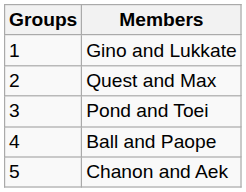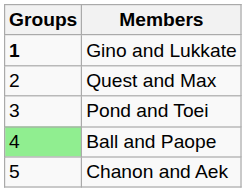 <table class="wikitable">
 <tr>
 <th>Groups</th>
 <th>Members</th>
 </tr>
 <tr>
-<td>1</td>
+<td><strong>1</strong></td>
 <td>Gino and Lukkate</td>
 </tr>
 <tr>
 <td>2</td>
 <td>Quest and Max</td>
 </tr>
 <tr>
 <td>3</td>
 <td>Pond and Toei</td>
 </tr>
 <tr>
-<td>4</td>
+<td style="background: lightgreen;">4</td>
 <td>Ball and Paope</td>
 </tr>
 <tr>
 <td>5</td>
 <td>Chanon and Aek</td>
 </tr>
 </table>
